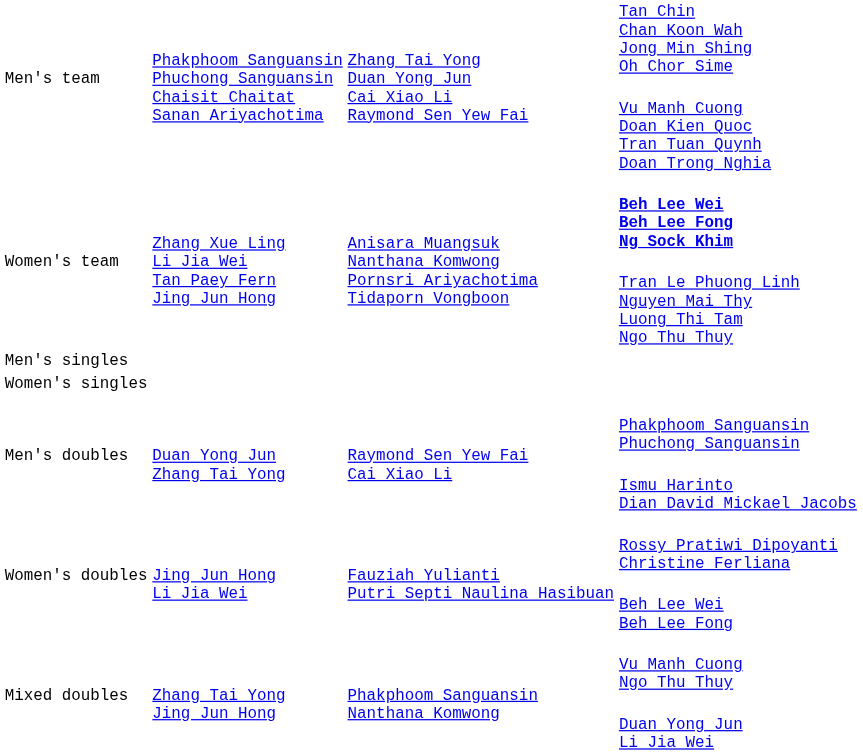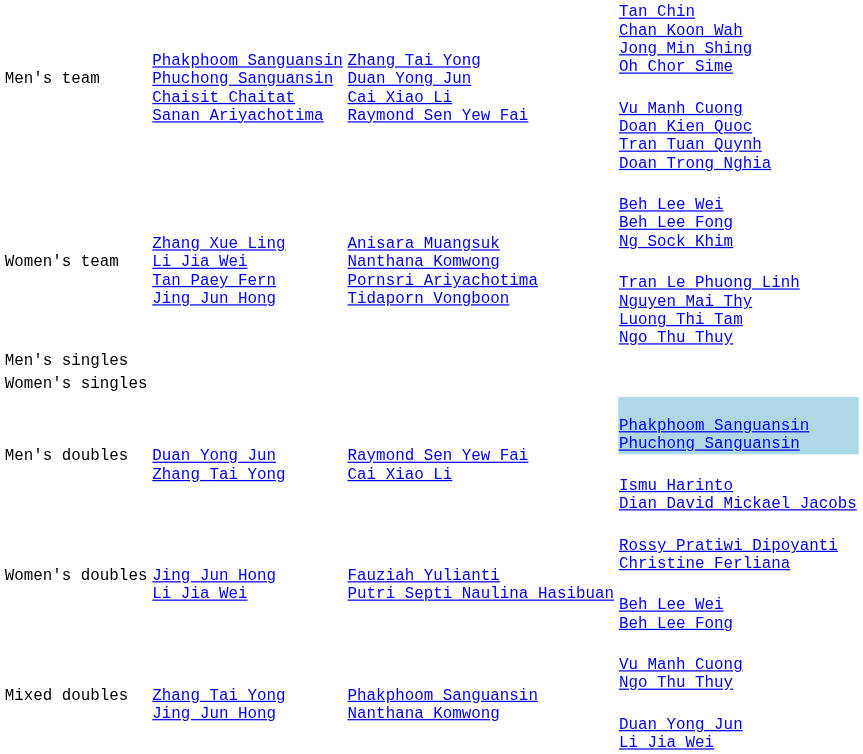 <table>
 <tr>
 <td rowspan="2">Men's team</td>
 <td rowspan="2"> <br><a href='#'>Phakphoom Sanguansin</a> <br><a href='#'>Phuchong Sanguansin</a> <br><a href='#'>Chaisit Chaitat</a> <br><a href='#'>Sanan Ariyachotima</a></td>
 <td rowspan="2"> <br><a href='#'>Zhang Tai Yong</a> <br><a href='#'>Duan Yong Jun</a> <br><a href='#'>Cai Xiao Li</a> <br><a href='#'>Raymond Sen Yew Fai</a></td>
 <td> <br><a href='#'>Tan Chin</a> <br><a href='#'>Chan Koon Wah</a> <br><a href='#'>Jong Min Shing</a> <br><a href='#'>Oh Chor Sime</a></td>
 </tr>
 <tr>
 <td> <br><a href='#'>Vu Manh Cuong</a> <br><a href='#'>Doan Kien Quoc</a> <br><a href='#'>Tran Tuan Quynh</a> <br><a href='#'>Doan Trong Nghia</a></td>
 </tr>
 <tr>
 <td rowspan="2">Women's team</td>
 <td rowspan="2"> <br><a href='#'>Zhang Xue Ling</a> <br><a href='#'>Li Jia Wei</a> <br><a href='#'>Tan Paey Fern</a> <br><a href='#'>Jing Jun Hong</a></td>
 <td rowspan="2"> <br><a href='#'>Anisara Muangsuk</a> <br><a href='#'>Nanthana Komwong</a> <br><a href='#'>Pornsri Ariyachotima</a> <br><a href='#'>Tidaporn Vongboon</a></td>
-<td><strong> <br><a href='#'>Beh Lee Wei</a> <br><a href='#'>Beh Lee Fong</a> <br><a href='#'>Ng Sock Khim</a></strong></td>
+<td> <br><a href='#'>Beh Lee Wei</a> <br><a href='#'>Beh Lee Fong</a> <br><a href='#'>Ng Sock Khim</a></td>
 </tr>
 <tr>
 <td> <br><a href='#'>Tran Le Phuong Linh</a> <br><a href='#'>Nguyen Mai Thy</a> <br><a href='#'>Luong Thi Tam</a> <br><a href='#'>Ngo Thu Thuy</a></td>
 </tr>
 <tr>
 <td rowspan="2">Men's singles</td>
 <td rowspan="2"></td>
 <td rowspan="2"></td>
 <td></td>
 </tr>
 <tr>
 <td></td>
 </tr>
 <tr>
 <td rowspan="2">Women's singles</td>
 <td rowspan="2"></td>
 <td rowspan="2"></td>
 <td></td>
 </tr>
 <tr>
 <td></td>
 </tr>
 <tr>
 <td rowspan="2">Men's doubles</td>
 <td rowspan="2"> <br> <a href='#'>Duan Yong Jun</a> <br> <a href='#'>Zhang Tai Yong</a></td>
 <td rowspan="2"> <br> <a href='#'>Raymond Sen Yew Fai</a> <br> <a href='#'>Cai Xiao Li</a></td>
-<td> <br> <a href='#'>Phakphoom Sanguansin</a> <br> <a href='#'>Phuchong Sanguansin</a></td>
+<td style="background: lightblue;"> <br> <a href='#'>Phakphoom Sanguansin</a> <br> <a href='#'>Phuchong Sanguansin</a></td>
 </tr>
 <tr>
 <td> <br> <a href='#'>Ismu Harinto</a> <br> <a href='#'>Dian David Mickael Jacobs</a></td>
 </tr>
 <tr>
 <td rowspan="2">Women's doubles</td>
 <td rowspan="2"> <br> <a href='#'>Jing Jun Hong</a> <br> <a href='#'>Li Jia Wei</a></td>
 <td rowspan="2"> <br> <a href='#'>Fauziah Yulianti</a> <br> <a href='#'>Putri Septi Naulina Hasibuan</a></td>
 <td> <br> <a href='#'>Rossy Pratiwi Dipoyanti</a> <br> <a href='#'>Christine Ferliana</a></td>
 </tr>
 <tr>
 <td> <br> <a href='#'>Beh Lee Wei</a> <br> <a href='#'>Beh Lee Fong</a></td>
 </tr>
 <tr>
 <td rowspan="2">Mixed doubles</td>
 <td rowspan="2"> <br> <a href='#'>Zhang Tai Yong</a> <br> <a href='#'>Jing Jun Hong</a></td>
 <td rowspan="2"> <br> <a href='#'>Phakphoom Sanguansin</a> <br> <a href='#'>Nanthana Komwong</a></td>
 <td> <br> <a href='#'>Vu Manh Cuong</a> <br> <a href='#'>Ngo Thu Thuy</a></td>
 </tr>
 <tr>
 <td> <br> <a href='#'>Duan Yong Jun</a> <br> <a href='#'>Li Jia Wei</a></td>
 </tr>
 </table>
